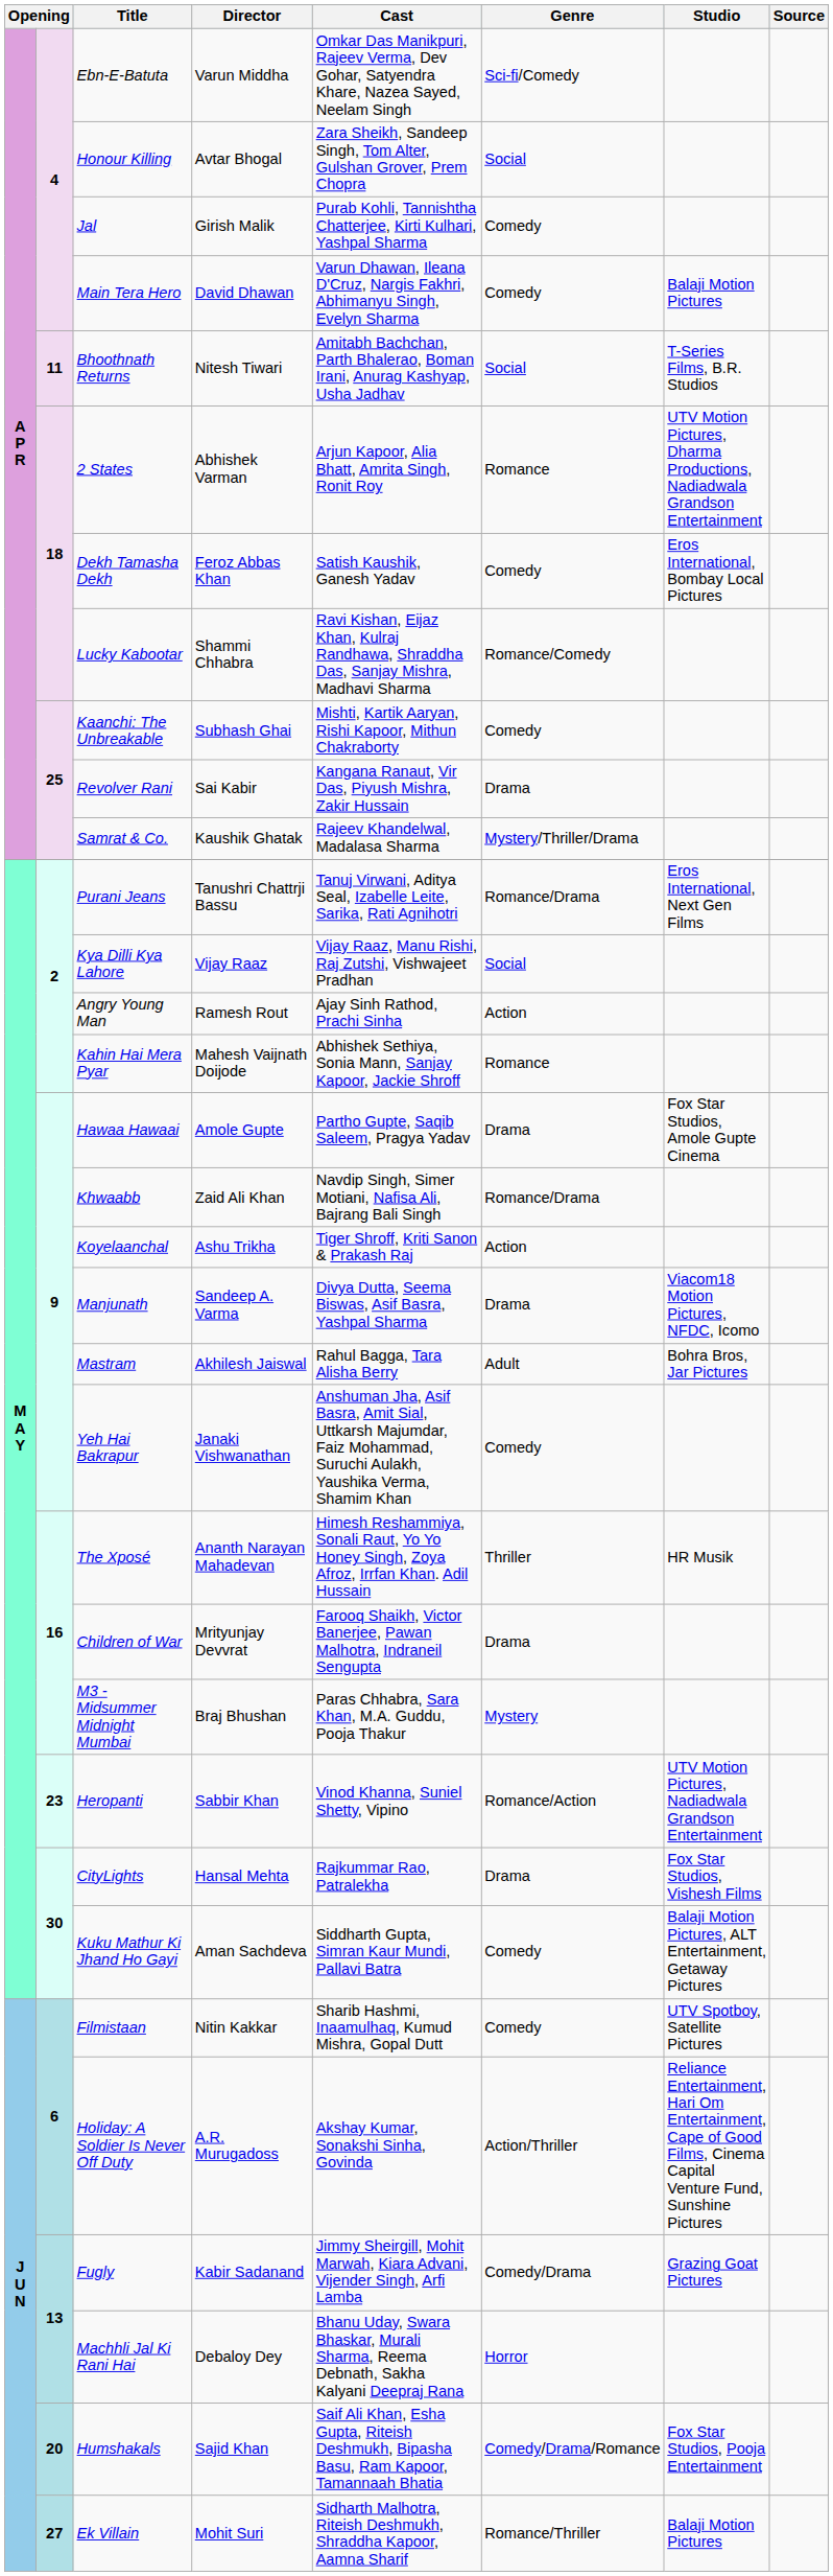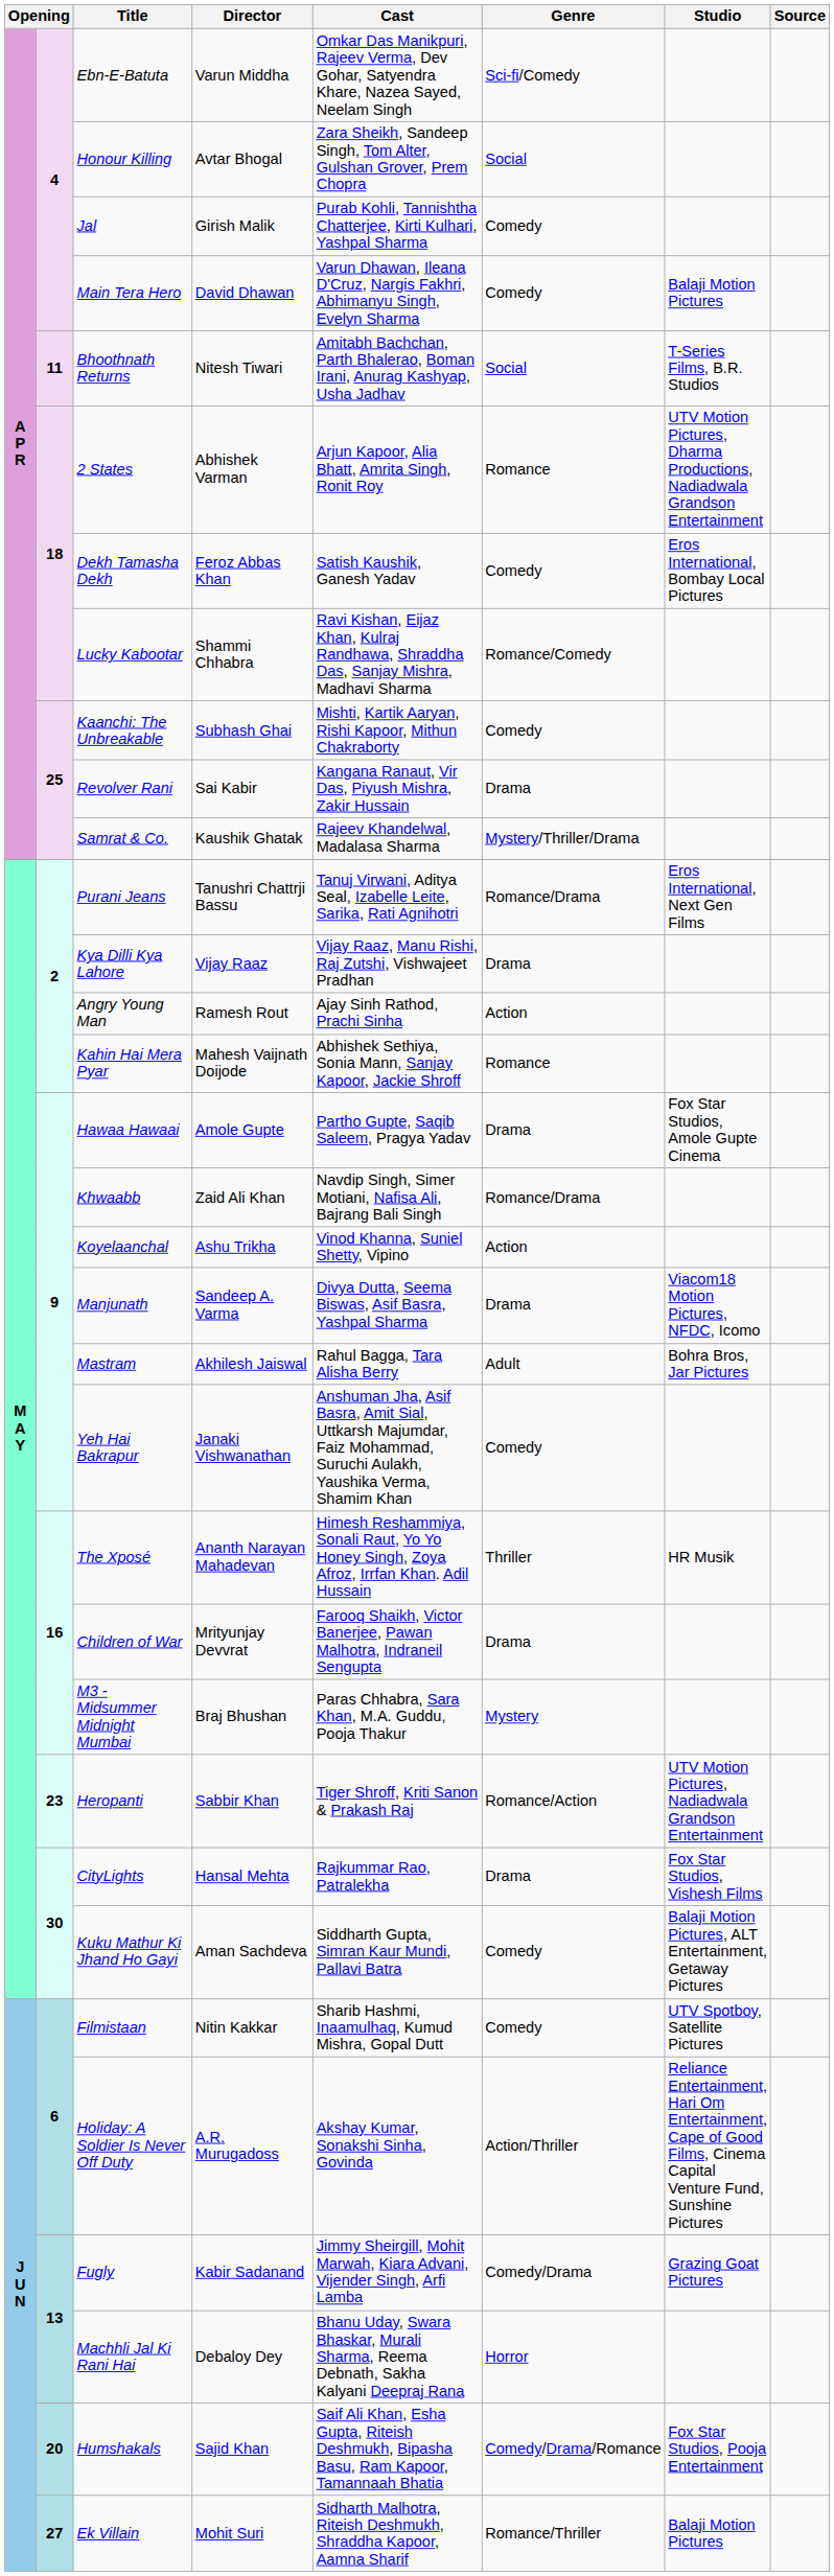 <table class="wikitable">
 <tr style="background:#b0e0e6; text-align:center;">
 <th colspan="2" style="width:6%;"><strong>Opening</strong></th>
 <th style="width:20%;"><strong>Title</strong></th>
 <th style="width:20%;"><strong>Director</strong></th>
 <th style="width:40%;"><strong>Cast</strong></th>
 <th style="width:10.5%;"><strong>Genre</strong></th>
 <th>Studio</th>
 <th>Source</th>
 </tr>
 <tr April>
 <td rowspan="11" style="text-align:center; background:plum; textcolor:#000;"><strong>A<br>P<br>R</strong></td>
 <td rowspan="4" style="text-align:center;background:#f1daf1;"><strong>4</strong></td>
 <td><em>Ebn-E-Batuta</em></td>
 <td>Varun Middha</td>
 <td><a href='#'>Omkar Das Manikpuri</a>, <a href='#'>Rajeev Verma</a>, Dev Gohar, Satyendra Khare, Nazea Sayed, Neelam Singh</td>
 <td><a href='#'>Sci-fi</a>/Comedy</td>
 <td></td>
 <td></td>
 </tr>
 <tr>
 <td><em><a href='#'>Honour Killing</a></em></td>
 <td>Avtar Bhogal</td>
 <td><a href='#'>Zara Sheikh</a>, Sandeep Singh, <a href='#'>Tom Alter</a>, <a href='#'>Gulshan Grover</a>, <a href='#'>Prem Chopra</a></td>
 <td><a href='#'>Social</a></td>
 <td></td>
 <td></td>
 </tr>
 <tr>
 <td><em><a href='#'>Jal</a></em></td>
 <td>Girish Malik</td>
 <td><a href='#'>Purab Kohli</a>, <a href='#'>Tannishtha Chatterjee</a>, <a href='#'>Kirti Kulhari</a>, <a href='#'>Yashpal Sharma</a></td>
 <td>Comedy</td>
 <td></td>
 <td></td>
 </tr>
 <tr>
 <td><em><a href='#'>Main Tera Hero</a></em></td>
 <td><a href='#'>David Dhawan</a></td>
 <td><a href='#'>Varun Dhawan</a>, <a href='#'>Ileana D'Cruz</a>, <a href='#'>Nargis Fakhri</a>, <a href='#'>Abhimanyu Singh</a>, <a href='#'>Evelyn Sharma</a></td>
 <td>Comedy</td>
 <td><a href='#'>Balaji Motion Pictures</a></td>
 <td></td>
 </tr>
 <tr>
 <td rowspan="1" style="text-align:center;background:#f1daf1;"><strong>11</strong></td>
 <td><em><a href='#'>Bhoothnath Returns</a></em></td>
 <td>Nitesh Tiwari</td>
 <td><a href='#'>Amitabh Bachchan</a>, <a href='#'>Parth Bhalerao</a>, <a href='#'>Boman Irani</a>, <a href='#'>Anurag Kashyap</a>, <a href='#'>Usha Jadhav</a></td>
 <td><a href='#'>Social</a></td>
 <td><a href='#'>T-Series Films</a>, B.R. Studios</td>
 <td></td>
 </tr>
 <tr>
 <td rowspan="3" style="text-align:center;background:#f1daf1;"><strong>18</strong></td>
 <td><em><a href='#'>2 States</a></em></td>
 <td>Abhishek Varman</td>
 <td><a href='#'>Arjun Kapoor</a>, <a href='#'>Alia Bhatt</a>, <a href='#'>Amrita Singh</a>, <a href='#'>Ronit Roy</a></td>
 <td>Romance</td>
 <td><a href='#'>UTV Motion Pictures</a>, <a href='#'>Dharma Productions</a>, <a href='#'>Nadiadwala Grandson Entertainment</a></td>
 <td></td>
 </tr>
 <tr>
 <td><em><a href='#'>Dekh Tamasha Dekh</a></em></td>
 <td><a href='#'>Feroz Abbas Khan</a></td>
 <td><a href='#'>Satish Kaushik</a>, Ganesh Yadav</td>
 <td>Comedy</td>
 <td><a href='#'>Eros International</a>, Bombay Local Pictures</td>
 <td></td>
 </tr>
 <tr>
 <td><em><a href='#'>Lucky Kabootar</a></em></td>
 <td>Shammi Chhabra</td>
 <td><a href='#'>Ravi Kishan</a>, <a href='#'>Eijaz Khan</a>, <a href='#'>Kulraj Randhawa</a>, <a href='#'>Shraddha Das</a>, <a href='#'>Sanjay Mishra</a>, Madhavi Sharma</td>
 <td>Romance/Comedy</td>
 <td></td>
 <td></td>
 </tr>
 <tr>
 <td rowspan="3" style="text-align:center;background:#f1daf1;"><strong>25</strong></td>
 <td><em><a href='#'>Kaanchi: The Unbreakable</a></em></td>
 <td><a href='#'>Subhash Ghai</a></td>
 <td><a href='#'>Mishti</a>, <a href='#'>Kartik Aaryan</a>, <a href='#'>Rishi Kapoor</a>, <a href='#'>Mithun Chakraborty</a></td>
 <td>Comedy</td>
 <td></td>
 <td></td>
 </tr>
 <tr>
 <td><em><a href='#'>Revolver Rani</a></em></td>
 <td>Sai Kabir</td>
 <td><a href='#'>Kangana Ranaut</a>, <a href='#'>Vir Das</a>, <a href='#'>Piyush Mishra</a>, <a href='#'>Zakir Hussain</a></td>
 <td>Drama</td>
 <td></td>
 <td></td>
 </tr>
 <tr>
 <td><em><a href='#'>Samrat & Co.</a></em></td>
 <td>Kaushik Ghatak</td>
 <td><a href='#'>Rajeev Khandelwal</a>, Madalasa Sharma</td>
 <td><a href='#'>Mystery</a>/Thriller/Drama</td>
 <td></td>
 <td></td>
 </tr>
 <tr>
 </tr>
 <tr May>
 <td rowspan="16" style="text-align:center; background:#7FFFD4; textcolor:#000;"><strong>M<br>A<br>Y</strong></td>
 <td rowspan="4" style="text-align:center;background:#DBFFF8;"><strong>2</strong></td>
 <td><em><a href='#'>Purani Jeans</a></em></td>
 <td>Tanushri Chattrji Bassu</td>
 <td><a href='#'>Tanuj Virwani</a>, Aditya Seal, <a href='#'>Izabelle Leite</a>, <a href='#'>Sarika</a>, <a href='#'>Rati Agnihotri</a></td>
 <td>Romance/Drama</td>
 <td><a href='#'>Eros International</a>, Next Gen Films</td>
 <td></td>
 </tr>
 <tr>
 <td><em><a href='#'>Kya Dilli Kya Lahore</a></em></td>
 <td><a href='#'>Vijay Raaz</a></td>
 <td><a href='#'>Vijay Raaz</a>, <a href='#'>Manu Rishi</a>, <a href='#'>Raj Zutshi</a>, Vishwajeet Pradhan</td>
-<td><a href='#'>Social</a></td>
+<td>Drama</td>
 <td></td>
 <td></td>
 </tr>
 <tr>
 <td><em>Angry Young Man</em></td>
 <td>Ramesh Rout</td>
 <td>Ajay Sinh Rathod, <a href='#'>Prachi Sinha</a></td>
 <td>Action</td>
 <td></td>
 <td></td>
 </tr>
 <tr>
 <td><em><a href='#'>Kahin Hai Mera Pyar</a></em></td>
 <td>Mahesh Vaijnath Doijode</td>
 <td>Abhishek Sethiya, Sonia Mann, <a href='#'>Sanjay Kapoor</a>, <a href='#'>Jackie Shroff</a></td>
 <td>Romance</td>
 <td></td>
 <td></td>
 </tr>
 <tr>
 <td rowspan="6" style="text-align:center;background:#DBFFF8;"><strong>9</strong></td>
 <td><em><a href='#'>Hawaa Hawaai</a></em></td>
 <td><a href='#'>Amole Gupte</a></td>
 <td><a href='#'>Partho Gupte</a>, <a href='#'>Saqib Saleem</a>, Pragya Yadav</td>
 <td>Drama</td>
 <td>Fox Star Studios, Amole Gupte Cinema</td>
 <td></td>
 </tr>
 <tr>
 <td><em><a href='#'>Khwaabb</a></em></td>
 <td>Zaid Ali Khan</td>
 <td>Navdip Singh, Simer Motiani, <a href='#'>Nafisa Ali</a>, Bajrang Bali Singh</td>
 <td>Romance/Drama</td>
 <td></td>
 <td></td>
 </tr>
 <tr>
 <td><em><a href='#'>Koyelaanchal</a></em></td>
 <td><a href='#'>Ashu Trikha</a></td>
-<td><a href='#'>Tiger Shroff</a>, <a href='#'>Kriti Sanon</a> & <a href='#'>Prakash Raj</a></td>
+<td><a href='#'>Vinod Khanna</a>, <a href='#'>Suniel Shetty</a>, Vipino</td>
 <td>Action</td>
 <td></td>
 <td></td>
 </tr>
 <tr>
 <td><em><a href='#'>Manjunath</a></em></td>
 <td><a href='#'>Sandeep A. Varma</a></td>
 <td><a href='#'>Divya Dutta</a>, <a href='#'>Seema Biswas</a>, <a href='#'>Asif Basra</a>, <a href='#'>Yashpal Sharma</a></td>
 <td>Drama</td>
 <td><a href='#'>Viacom18 Motion Pictures</a>, <a href='#'>NFDC</a>, Icomo</td>
 <td></td>
 </tr>
 <tr>
 <td><em><a href='#'>Mastram</a></em></td>
 <td><a href='#'>Akhilesh Jaiswal</a></td>
 <td>Rahul Bagga, <a href='#'>Tara Alisha Berry</a></td>
 <td>Adult</td>
 <td>Bohra Bros, <a href='#'>Jar Pictures</a></td>
 <td></td>
 </tr>
 <tr>
 <td><em><a href='#'>Yeh Hai Bakrapur</a></em></td>
 <td><a href='#'>Janaki Vishwanathan</a></td>
 <td><a href='#'>Anshuman Jha</a>, <a href='#'>Asif Basra</a>, <a href='#'>Amit Sial</a>, Uttkarsh Majumdar, Faiz Mohammad, Suruchi Aulakh, Yaushika Verma, Shamim Khan</td>
 <td>Comedy</td>
 <td></td>
 <td></td>
 </tr>
 <tr>
 <td rowspan="3" style="text-align:center;background:#DBFFF8;"><strong>16</strong></td>
 <td><em><a href='#'>The Xposé</a></em></td>
 <td><a href='#'>Ananth Narayan Mahadevan</a></td>
 <td><a href='#'>Himesh Reshammiya</a>, <a href='#'>Sonali Raut</a>, <a href='#'>Yo Yo Honey Singh</a>, <a href='#'>Zoya Afroz</a>, <a href='#'>Irrfan Khan</a>. <a href='#'>Adil Hussain</a></td>
 <td>Thriller</td>
 <td>HR Musik</td>
 <td></td>
 </tr>
 <tr>
 <td><em><a href='#'>Children of War</a></em></td>
 <td>Mrityunjay Devvrat</td>
 <td><a href='#'>Farooq Shaikh</a>, <a href='#'>Victor Banerjee</a>, <a href='#'>Pawan Malhotra</a>, <a href='#'>Indraneil Sengupta</a></td>
 <td>Drama</td>
 <td></td>
 <td></td>
 </tr>
 <tr>
 <td><em><a href='#'>M3 - Midsummer Midnight Mumbai</a></em></td>
 <td>Braj Bhushan</td>
 <td>Paras Chhabra, <a href='#'>Sara Khan</a>, M.A. Guddu, Pooja Thakur</td>
 <td><a href='#'>Mystery</a></td>
 <td></td>
 <td></td>
 </tr>
 <tr>
 <td rowspan="1" style="text-align:center;background:#DBFFF8;"><strong>23</strong></td>
 <td><em><a href='#'>Heropanti</a></em></td>
 <td><a href='#'>Sabbir Khan</a></td>
-<td><a href='#'>Vinod Khanna</a>, <a href='#'>Suniel Shetty</a>, Vipino</td>
+<td><a href='#'>Tiger Shroff</a>, <a href='#'>Kriti Sanon</a> & <a href='#'>Prakash Raj</a></td>
 <td>Romance/Action</td>
 <td><a href='#'>UTV Motion Pictures</a>, <a href='#'>Nadiadwala Grandson Entertainment</a></td>
 <td></td>
 </tr>
 <tr>
 <td rowspan="2" style="text-align:center;background:#DBFFF8;"><strong>30</strong></td>
 <td><em><a href='#'>CityLights</a></em></td>
 <td><a href='#'>Hansal Mehta</a></td>
 <td><a href='#'>Rajkummar Rao</a>, <a href='#'>Patralekha</a></td>
 <td>Drama</td>
 <td><a href='#'>Fox Star Studios</a>, <a href='#'>Vishesh Films</a></td>
 <td></td>
 </tr>
 <tr>
 <td><em><a href='#'>Kuku Mathur Ki Jhand Ho Gayi</a></em></td>
 <td>Aman Sachdeva</td>
 <td>Siddharth Gupta, <a href='#'>Simran Kaur Mundi</a>, <a href='#'>Pallavi Batra</a></td>
 <td>Comedy</td>
 <td><a href='#'>Balaji Motion Pictures</a>, ALT Entertainment, Getaway Pictures</td>
 <td></td>
 </tr>
 <tr June>
 <td rowspan="16" style="text-align:center; background:#93CCEA; textcolor:#000;"><strong>J<br>U<br>N</strong></td>
 <td rowspan="2" style="text-align:center;background:#B0E0E6;"><strong>6</strong></td>
 <td><em><a href='#'>Filmistaan</a></em></td>
 <td>Nitin Kakkar</td>
 <td>Sharib Hashmi, <a href='#'>Inaamulhaq</a>, Kumud Mishra, Gopal Dutt</td>
 <td>Comedy</td>
 <td><a href='#'>UTV Spotboy</a>, Satellite Pictures</td>
 <td></td>
 </tr>
 <tr>
 <td><em><a href='#'>Holiday: A Soldier Is Never Off Duty</a></em></td>
 <td><a href='#'>A.R. Murugadoss</a></td>
 <td><a href='#'>Akshay Kumar</a>, <a href='#'>Sonakshi Sinha</a>, <a href='#'>Govinda</a></td>
 <td>Action/Thriller</td>
 <td><a href='#'>Reliance Entertainment</a>, <a href='#'>Hari Om Entertainment</a>, <a href='#'>Cape of Good Films</a>, Cinema Capital Venture Fund, Sunshine Pictures</td>
 <td></td>
 </tr>
 <tr>
 <td rowspan="2" style="text-align:center;background:#B0E0E6;"><strong>13</strong></td>
 <td><em><a href='#'>Fugly</a></em></td>
 <td><a href='#'>Kabir Sadanand</a></td>
 <td><a href='#'>Jimmy Sheirgill</a>, <a href='#'>Mohit Marwah</a>, <a href='#'>Kiara Advani</a>, <a href='#'>Vijender Singh</a>, <a href='#'>Arfi Lamba</a></td>
 <td>Comedy/Drama</td>
 <td><a href='#'>Grazing Goat Pictures</a></td>
 <td></td>
 </tr>
 <tr>
 <td><em><a href='#'>Machhli Jal Ki Rani Hai</a></em></td>
 <td>Debaloy Dey</td>
 <td><a href='#'>Bhanu Uday</a>, <a href='#'>Swara Bhaskar</a>, <a href='#'>Murali Sharma</a>, Reema Debnath, Sakha Kalyani <a href='#'>Deepraj Rana</a></td>
 <td><a href='#'>Horror</a></td>
 <td></td>
 <td></td>
 </tr>
 <tr>
 <td rowspan="1" style="text-align:center;background:#B0E0E6;"><strong>20</strong></td>
 <td><em><a href='#'>Humshakals</a></em></td>
 <td><a href='#'>Sajid Khan</a></td>
 <td><a href='#'>Saif Ali Khan</a>, <a href='#'>Esha Gupta</a>, <a href='#'>Riteish Deshmukh</a>, <a href='#'>Bipasha Basu</a>, <a href='#'>Ram Kapoor</a>, <a href='#'>Tamannaah Bhatia</a></td>
 <td><a href='#'>Comedy</a>/<a href='#'>Drama</a>/Romance</td>
 <td><a href='#'>Fox Star Studios</a>, <a href='#'>Pooja Entertainment</a></td>
 <td></td>
 </tr>
 <tr>
 <td rowspan="1" style="text-align:center;background:#B0E0E6;"><strong>27</strong></td>
 <td><em><a href='#'>Ek Villain</a></em></td>
 <td><a href='#'>Mohit Suri</a></td>
 <td><a href='#'>Sidharth Malhotra</a>, <a href='#'>Riteish Deshmukh</a>, <a href='#'>Shraddha Kapoor</a>, <a href='#'>Aamna Sharif</a></td>
 <td>Romance/Thriller</td>
 <td><a href='#'>Balaji Motion Pictures</a></td>
 <td></td>
 </tr>
 </table>
